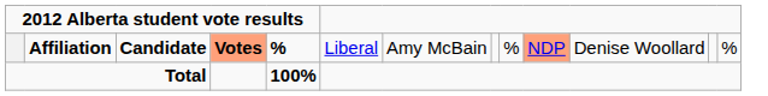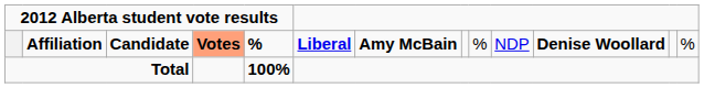 <table class="wikitable">
 <tr>
 <td colspan="5" align=center><strong>2012 Alberta student vote results</strong></td>
 </tr>
 <tr>
 <th style="width: 10px;"></th>
 <td><strong>Affiliation</strong></td>
 <td><strong>Candidate</strong></td>
 <td style="background: lightsalmon;"><strong>Votes</strong></td>
 <td><strong>%</strong><br>  </td>
-<td><a href='#'>Liberal</a></td>
-<td>Amy McBain</td>
+<td><strong><a href='#'>Liberal</a></strong></td>
+<td><strong>Amy McBain</strong></td>
 <td></td>
 <td>%<br></td>
-<td style="background: lightsalmon;"><a href='#'>NDP</a></td>
-<td>Denise Woollard</td>
+<td><a href='#'>NDP</a></td>
+<td><strong>Denise Woollard</strong></td>
 <td></td>
 <td>%</td>
 </tr>
 <tr>
 <td colspan="3" align="right"><strong>Total</strong></td>
 <td></td>
 <td><strong>100%</strong></td>
 </tr>
 </table>
